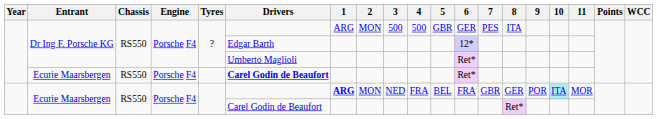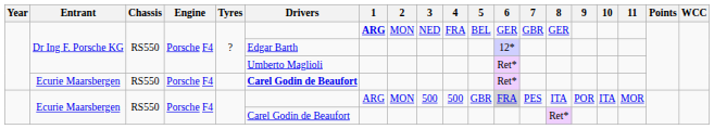 <table class="wikitable" style="text-align:center; font-size:95%">
 <tr>
 <th>Year</th>
 <th>Entrant</th>
 <th>Chassis</th>
 <th>Engine</th>
 <th>Tyres</th>
 <th>Drivers</th>
 <th>1</th>
 <th>2</th>
 <th>3</th>
 <th>4</th>
 <th>5</th>
 <th>6</th>
 <th>7</th>
 <th>8</th>
 <th>9</th>
 <th>10</th>
 <th>11</th>
 <th>Points</th>
 <th>WCC</th>
 </tr>
 <tr>
 <td rowspan="4"></td>
 <td rowspan="3"><a href='#'>Dr Ing F. Porsche KG</a></td>
 <td rowspan="3">RS550</td>
 <td rowspan="3"><a href='#'>Porsche</a> <a href='#'>F4</a></td>
 <td rowspan="3">?</td>
 <td></td>
-<td><a href='#'>ARG</a></td>
+<td><strong><a href='#'>ARG</a></strong></td>
 <td><a href='#'>MON</a></td>
-<td><a href='#'>500</a></td>
-<td><a href='#'>500</a></td>
+<td><a href='#'>NED</a></td>
+<td><a href='#'>FRA</a></td>
+<td><a href='#'>BEL</a></td>
+<td><a href='#'>GER</a></td>
 <td><a href='#'>GBR</a></td>
 <td><a href='#'>GER</a></td>
-<td><a href='#'>PES</a></td>
-<td><a href='#'>ITA</a></td>
 <td></td>
 <td></td>
 <td></td>
 <td rowspan="4"><em></em></td>
 <td rowspan="4"><em></em></td>
 </tr>
 <tr>
 <td align="left"> <a href='#'>Edgar Barth</a></td>
 <td></td>
 <td></td>
 <td></td>
 <td></td>
 <td></td>
 <td style="background:#CFCFFF;">12*</td>
 <td></td>
 <td></td>
 <td></td>
 <td></td>
 <td></td>
 </tr>
 <tr>
 <td align="left"> <a href='#'>Umberto Maglioli</a></td>
 <td></td>
 <td></td>
 <td></td>
 <td></td>
 <td></td>
 <td style="background:#EFCFFF;">Ret*</td>
 <td></td>
 <td></td>
 <td></td>
 <td></td>
 <td></td>
 </tr>
 <tr>
 <td><a href='#'>Ecurie Maarsbergen</a></td>
 <td>RS550</td>
 <td><a href='#'>Porsche</a> <a href='#'>F4</a></td>
 <td></td>
 <td align="left"><strong> <a href='#'>Carel Godin de Beaufort</a></strong></td>
 <td></td>
 <td></td>
 <td></td>
 <td></td>
 <td></td>
 <td style="background:#EFCFFF;">Ret*</td>
 <td></td>
 <td></td>
 <td></td>
 <td></td>
 <td></td>
 </tr>
 <tr>
 <td rowspan="2"></td>
 <td rowspan="2"><a href='#'>Ecurie Maarsbergen</a></td>
 <td rowspan="2">RS550</td>
 <td rowspan="2"><a href='#'>Porsche</a> <a href='#'>F4</a></td>
 <td rowspan="2"></td>
 <td></td>
-<td><strong><a href='#'>ARG</a></strong></td>
+<td><a href='#'>ARG</a></td>
 <td><a href='#'>MON</a></td>
-<td><a href='#'>NED</a></td>
-<td><a href='#'>FRA</a></td>
-<td><a href='#'>BEL</a></td>
-<td><a href='#'>FRA</a></td>
+<td><a href='#'>500</a></td>
+<td><a href='#'>500</a></td>
 <td><a href='#'>GBR</a></td>
-<td><a href='#'>GER</a></td>
+<td style="background: lightgrey;"><a href='#'>FRA</a></td>
+<td><a href='#'>PES</a></td>
+<td><a href='#'>ITA</a></td>
 <td><a href='#'>POR</a></td>
-<td style="background: paleturquoise;"><a href='#'>ITA</a></td>
+<td><a href='#'>ITA</a></td>
 <td><a href='#'>MOR</a></td>
 <td rowspan="2"><em></em></td>
 <td rowspan="2"><em></em></td>
 </tr>
 <tr>
 <td align="left"> <a href='#'>Carel Godin de Beaufort</a></td>
 <td></td>
 <td></td>
 <td></td>
 <td></td>
 <td></td>
 <td></td>
 <td></td>
 <td style="background:#EFCFFF;">Ret*</td>
 <td></td>
 <td></td>
 <td></td>
 </tr>
 </table>
